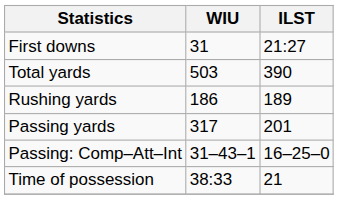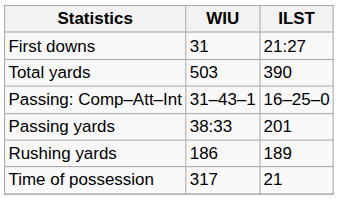 <table class="wikitable" style="float: left;">
 <tr>
 <th>Statistics</th>
 <th>WIU</th>
 <th>ILST</th>
 </tr>
 <tr>
 <td>First downs</td>
 <td>31</td>
 <td>21:27</td>
 </tr>
 <tr>
 <td>Total yards</td>
 <td>503</td>
 <td>390</td>
 </tr>
 <tr>
+<td>Passing: Comp–Att–Int</td>
+<td>31–43–1</td>
+<td>16–25–0</td>
+</tr>
+<tr>
+<td>Passing yards</td>
+<td>38:33</td>
+<td>201</td>
+</tr>
+<tr>
 <td>Rushing yards</td>
 <td>186</td>
 <td>189</td>
 </tr>
 <tr>
-<td>Passing yards</td>
+<td>Time of possession</td>
 <td>317</td>
-<td>201</td>
-</tr>
-<tr>
-<td>Passing: Comp–Att–Int</td>
-<td>31–43–1</td>
-<td>16–25–0</td>
-</tr>
-<tr>
-<td>Time of possession</td>
-<td>38:33</td>
 <td>21</td>
 </tr>
 <tr>
 </tr>
 </table>
